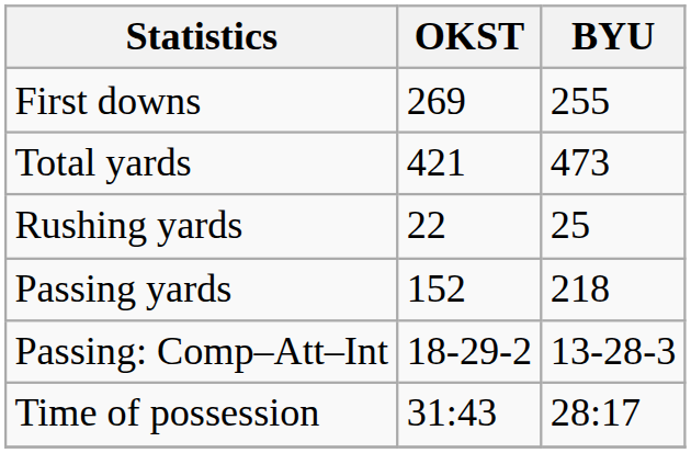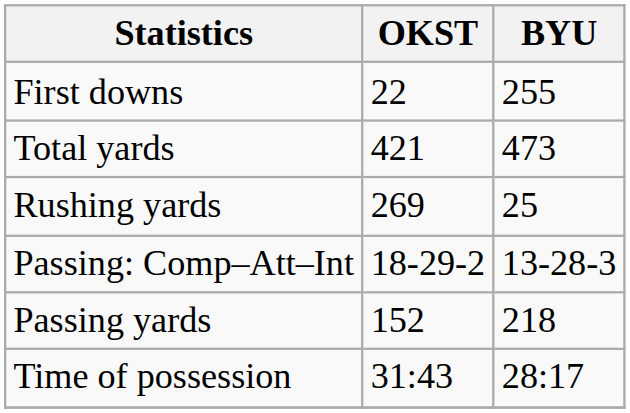 <table class="wikitable" style="float: left;">
 <tr>
 <th>Statistics</th>
 <th>OKST</th>
 <th>BYU</th>
 </tr>
 <tr>
 <td>First downs</td>
-<td>269</td>
+<td>22</td>
 <td>255</td>
 </tr>
 <tr>
 <td>Total yards</td>
 <td>421</td>
 <td>473</td>
 </tr>
 <tr>
 <td>Rushing yards</td>
-<td>22</td>
+<td>269</td>
 <td>25</td>
+</tr>
+<tr>
+<td>Passing: Comp–Att–Int</td>
+<td>18-29-2</td>
+<td>13-28-3</td>
 </tr>
 <tr>
 <td>Passing yards</td>
 <td>152</td>
 <td>218</td>
-</tr>
-<tr>
-<td>Passing: Comp–Att–Int</td>
-<td>18-29-2</td>
-<td>13-28-3</td>
 </tr>
 <tr>
 <td>Time of possession</td>
 <td>31:43</td>
 <td>28:17</td>
 </tr>
 <tr>
 </tr>
 </table>
